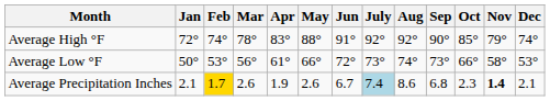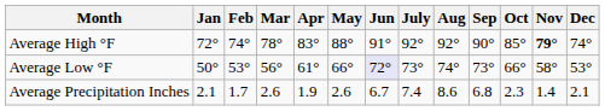 <table class="wikitable">
 <tr>
 <th>Month</th>
 <th>Jan</th>
 <th>Feb</th>
 <th>Mar</th>
 <th>Apr</th>
 <th>May</th>
 <th>Jun</th>
 <th>July</th>
 <th>Aug</th>
 <th>Sep</th>
 <th>Oct</th>
 <th>Nov</th>
 <th>Dec</th>
 </tr>
 <tr>
 <td>Average High °F</td>
 <td>72°</td>
 <td>74°</td>
 <td>78°</td>
 <td>83°</td>
 <td>88°</td>
 <td>91°</td>
 <td>92°</td>
 <td>92°</td>
 <td>90°</td>
 <td>85°</td>
-<td>79°</td>
+<td><strong>79°</strong></td>
 <td>74°</td>
 </tr>
 <tr>
 <td>Average Low °F</td>
 <td>50°</td>
 <td>53°</td>
 <td>56°</td>
 <td>61°</td>
 <td>66°</td>
-<td>72°</td>
+<td style="background: lavender;">72°</td>
 <td>73°</td>
 <td>74°</td>
 <td>73°</td>
 <td>66°</td>
 <td>58°</td>
 <td>53°</td>
 </tr>
 <tr>
 <td>Average Precipitation Inches</td>
 <td>2.1</td>
-<td style="background: gold;">1.7</td>
+<td>1.7</td>
 <td>2.6</td>
 <td>1.9</td>
 <td>2.6</td>
 <td>6.7</td>
-<td style="background: lightblue;">7.4</td>
+<td>7.4</td>
 <td>8.6</td>
 <td>6.8</td>
 <td>2.3</td>
-<td><strong>1.4</strong></td>
+<td>1.4</td>
 <td>2.1</td>
 </tr>
 </table>
